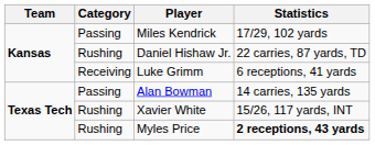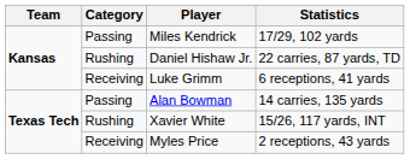 <table class="wikitable" style="float: left;">
 <tr>
 <th>Team</th>
 <th>Category</th>
 <th>Player</th>
 <th>Statistics</th>
 </tr>
 <tr>
 <td rowspan=3><strong>Kansas</strong></td>
 <td>Passing</td>
 <td>Miles Kendrick</td>
 <td>17/29, 102 yards</td>
 </tr>
 <tr>
 <td>Rushing</td>
 <td>Daniel Hishaw Jr.</td>
 <td>22 carries, 87 yards, TD</td>
 </tr>
 <tr>
 <td>Receiving</td>
 <td>Luke Grimm</td>
 <td>6 receptions, 41 yards</td>
 </tr>
 <tr>
 <td rowspan=3><strong>Texas Tech</strong></td>
 <td>Passing</td>
 <td><a href='#'>Alan Bowman</a></td>
 <td>14 carries, 135 yards</td>
 </tr>
 <tr>
 <td>Rushing</td>
 <td>Xavier White</td>
 <td>15/26, 117 yards, INT</td>
 </tr>
 <tr>
-<td>Rushing</td>
+<td>Receiving</td>
 <td>Myles Price</td>
-<td><strong>2 receptions, 43 yards</strong></td>
+<td>2 receptions, 43 yards</td>
 </tr>
 </table>
